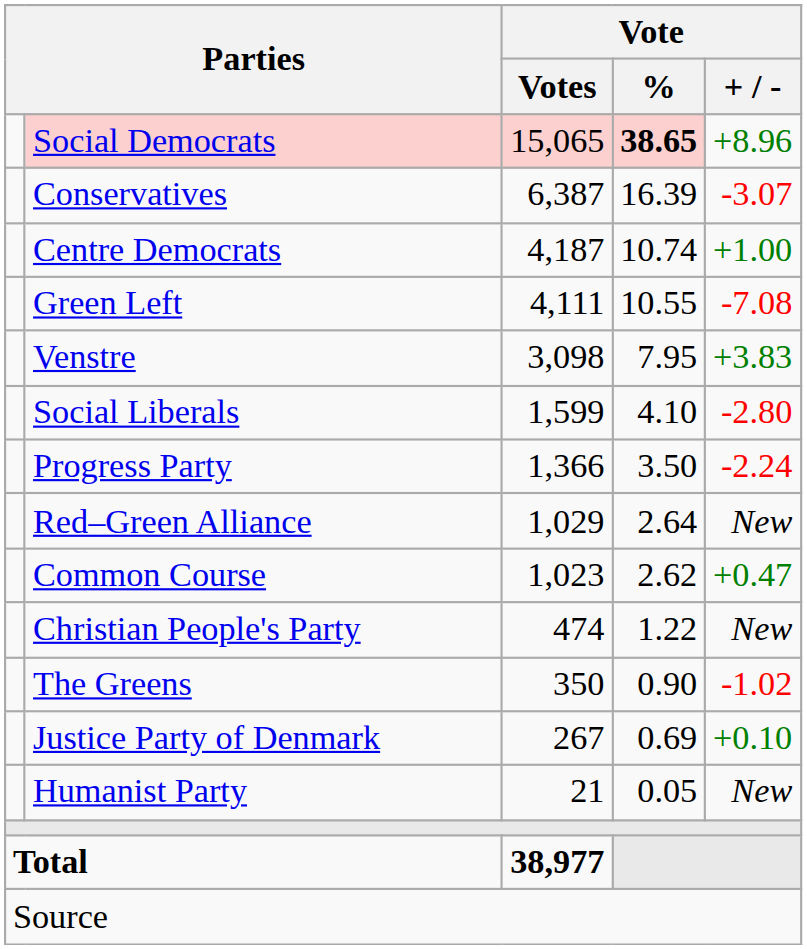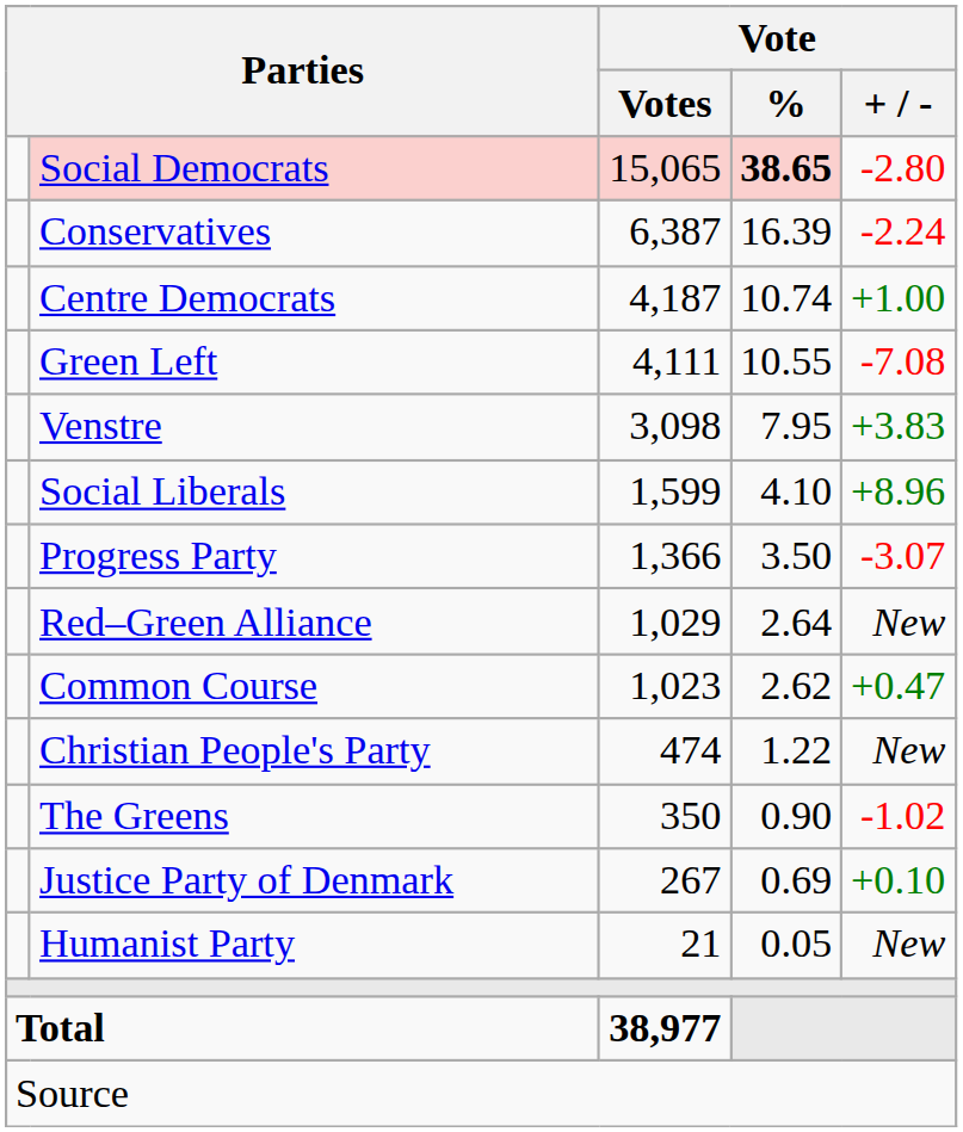 <table class="wikitable" style="text-align:right;">
 <tr>
 <th style="text-align:centre;" rowspan="2" colspan="2" width="225">Parties</th>
 <th colspan="3">Vote</th>
 </tr>
 <tr>
 <th width="15">Votes</th>
 <th width="15">%</th>
 <th width="15">+ / -</th>
 </tr>
 <tr>
 <td width="2" style="color:inherit;background:"></td>
 <td bgcolor=#fbd0ce  align="left"><a href='#'>Social Democrats</a></td>
 <td bgcolor=#fbd0ce>15,065</td>
 <td bgcolor=#fbd0ce><strong>38.65</strong></td>
-<td style=color:green;>+8.96</td>
+<td style=color:red;>-2.80</td>
 </tr>
 <tr>
 <td width="2" style="color:inherit;background:"></td>
 <td align="left"><a href='#'>Conservatives</a></td>
 <td>6,387</td>
 <td>16.39</td>
-<td style=color:red;>-3.07</td>
+<td style=color:red;>-2.24</td>
 </tr>
 <tr>
 <td width="2" style="color:inherit;background:"></td>
 <td align="left"><a href='#'>Centre Democrats</a></td>
 <td>4,187</td>
 <td>10.74</td>
 <td style=color:green;>+1.00</td>
 </tr>
 <tr>
 <td width="2" style="color:inherit;background:"></td>
 <td align="left"><a href='#'>Green Left</a></td>
 <td>4,111</td>
 <td>10.55</td>
 <td style=color:red;>-7.08</td>
 </tr>
 <tr>
 <td width="2" style="color:inherit;background:"></td>
 <td align="left"><a href='#'>Venstre</a></td>
 <td>3,098</td>
 <td>7.95</td>
 <td style=color:green;>+3.83</td>
 </tr>
 <tr>
 <td width="2" style="color:inherit;background:"></td>
 <td align="left"><a href='#'>Social Liberals</a></td>
 <td>1,599</td>
 <td>4.10</td>
-<td style=color:red;>-2.80</td>
+<td style=color:green;>+8.96</td>
 </tr>
 <tr>
 <td width="2" style="color:inherit;background:"></td>
 <td align="left"><a href='#'>Progress Party</a></td>
 <td>1,366</td>
 <td>3.50</td>
-<td style=color:red;>-2.24</td>
+<td style=color:red;>-3.07</td>
 </tr>
 <tr>
 <td width="2" style="color:inherit;background:"></td>
 <td align="left"><a href='#'>Red–Green Alliance</a></td>
 <td>1,029</td>
 <td>2.64</td>
 <td><em>New</em></td>
 </tr>
 <tr>
 <td width="2" style="color:inherit;background:"></td>
 <td align="left"><a href='#'>Common Course</a></td>
 <td>1,023</td>
 <td>2.62</td>
 <td style=color:green;>+0.47</td>
 </tr>
 <tr>
 <td width="2" style="color:inherit;background:"></td>
 <td align="left"><a href='#'>Christian People's Party</a></td>
 <td>474</td>
 <td>1.22</td>
 <td><em>New</em></td>
 </tr>
 <tr>
 <td width="2" style="color:inherit;background:"></td>
 <td align="left"><a href='#'>The Greens</a></td>
 <td>350</td>
 <td>0.90</td>
 <td style=color:red;>-1.02</td>
 </tr>
 <tr>
 <td width="2" style="color:inherit;background:"></td>
 <td align="left"><a href='#'>Justice Party of Denmark</a></td>
 <td>267</td>
 <td>0.69</td>
 <td style=color:green;>+0.10</td>
 </tr>
 <tr>
 <td width="2" style="color:inherit;background:"></td>
 <td align="left"><a href='#'>Humanist Party</a></td>
 <td>21</td>
 <td>0.05</td>
 <td><em>New</em></td>
 </tr>
 <tr>
 <td colspan="7" bgcolor="#E9E9E9"></td>
 </tr>
 <tr>
 <td align="left" colspan="2"><strong>Total</strong></td>
 <td><strong>38,977</strong></td>
 <td bgcolor="#E9E9E9" colspan="2"></td>
 </tr>
 <tr>
 <td align="left" colspan="6">Source</td>
 </tr>
 </table>
